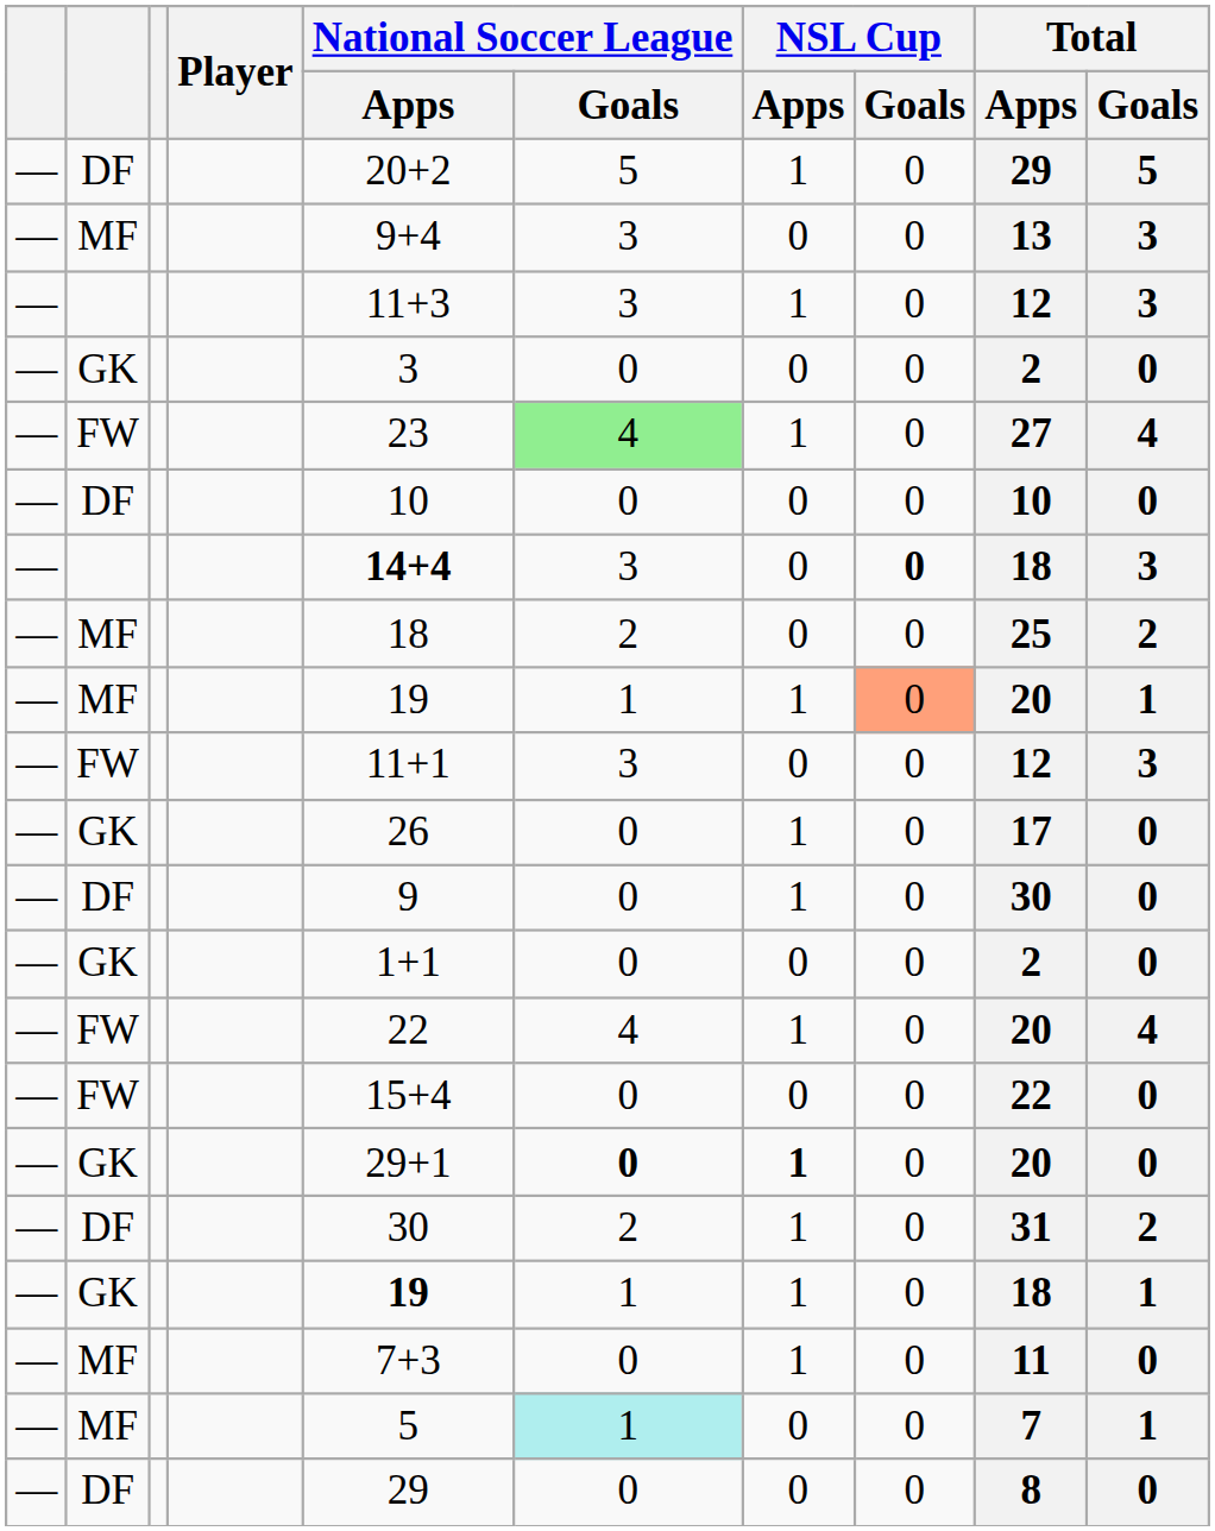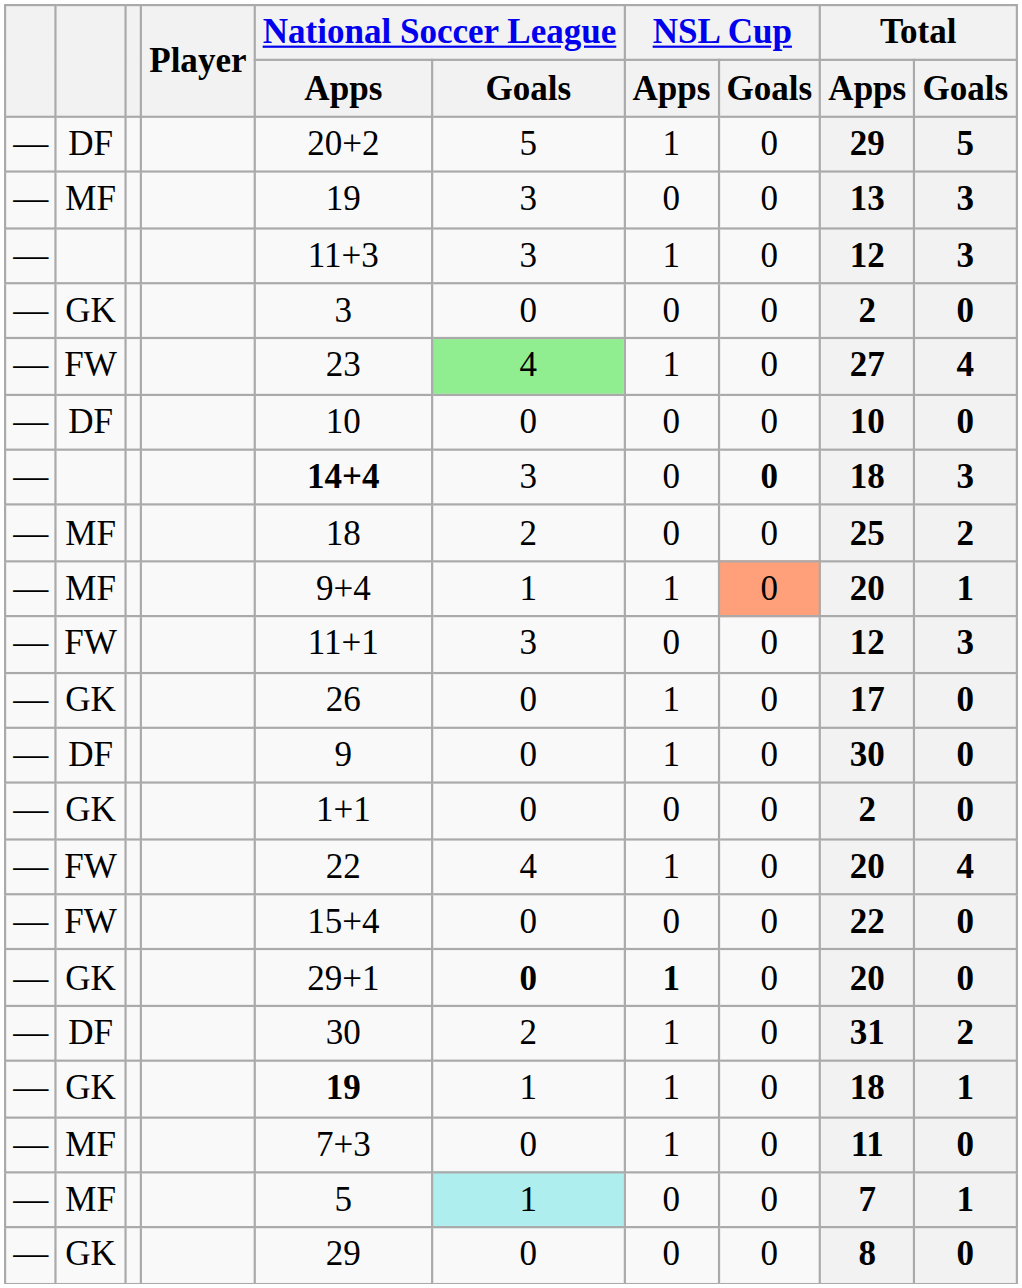 <table class="wikitable sortable" style="text-align:center">
 <tr>
 <th rowspan="2"></th>
 <th rowspan="2"></th>
 <th rowspan="2"></th>
 <th rowspan="2">Player</th>
 <th colspan="2"><a href='#'>National Soccer League</a></th>
 <th colspan="2"><a href='#'>NSL Cup</a></th>
 <th colspan="2">Total</th>
 </tr>
 <tr>
 <th>Apps</th>
 <th>Goals</th>
 <th>Apps</th>
 <th>Goals</th>
 <th>Apps</th>
 <th>Goals</th>
 </tr>
 <tr>
 <td>—</td>
 <td>DF</td>
 <td></td>
 <td align="left"><br></td>
 <td>20+2</td>
 <td>5<br></td>
 <td>1</td>
 <td>0<br></td>
 <th>29</th>
 <th>5</th>
 </tr>
 <tr>
 <td>—</td>
 <td>MF</td>
 <td></td>
 <td align="left"><br></td>
-<td>9+4</td>
+<td>19</td>
 <td>3<br></td>
 <td>0</td>
 <td>0<br></td>
 <th>13</th>
 <th>3</th>
 </tr>
 <tr>
 <td>—</td>
 <td></td>
 <td></td>
 <td align="left"><br></td>
 <td>11+3</td>
 <td>3<br></td>
 <td>1</td>
 <td>0<br></td>
 <th>12</th>
 <th>3</th>
 </tr>
 <tr>
 <td>—</td>
 <td>GK</td>
 <td></td>
 <td align="left"><br></td>
 <td>3</td>
 <td>0<br></td>
 <td>0</td>
 <td>0<br></td>
 <th>2</th>
 <th>0</th>
 </tr>
 <tr>
 <td>—</td>
 <td>FW</td>
 <td></td>
 <td align="left"><br></td>
 <td>23</td>
 <td style="background: lightgreen;">4<br></td>
 <td>1</td>
 <td>0<br></td>
 <th>27</th>
 <th>4</th>
 </tr>
 <tr>
 <td>—</td>
 <td>DF</td>
 <td></td>
 <td align="left"><br></td>
 <td>10</td>
 <td>0<br></td>
 <td>0</td>
 <td>0<br></td>
 <th>10</th>
 <th>0</th>
 </tr>
 <tr>
 <td>—</td>
 <td></td>
 <td></td>
 <td align="left"><br></td>
 <td><strong>14+4</strong></td>
 <td>3<br></td>
 <td>0</td>
 <td><strong>0<br></strong></td>
 <th>18</th>
 <th>3</th>
 </tr>
 <tr>
 <td>—</td>
 <td>MF</td>
 <td></td>
 <td align="left"><br></td>
 <td>18</td>
 <td>2<br></td>
 <td>0</td>
 <td>0<br></td>
 <th>25</th>
 <th>2</th>
 </tr>
 <tr>
 <td>—</td>
 <td>MF</td>
 <td></td>
 <td align="left"><br></td>
-<td>19</td>
+<td>9+4</td>
 <td>1<br></td>
 <td>1</td>
 <td style="background: lightsalmon;">0<br></td>
 <th>20</th>
 <th>1</th>
 </tr>
 <tr>
 <td>—</td>
 <td>FW</td>
 <td></td>
 <td align="left"><br></td>
 <td>11+1</td>
 <td>3<br></td>
 <td>0</td>
 <td>0<br></td>
 <th>12</th>
 <th>3</th>
 </tr>
 <tr>
 <td>—</td>
 <td>GK</td>
 <td></td>
 <td align="left"><br></td>
 <td>26</td>
 <td>0<br></td>
 <td>1</td>
 <td>0<br></td>
 <th>17</th>
 <th>0</th>
 </tr>
 <tr>
 <td>—</td>
 <td>DF</td>
 <td></td>
 <td align="left"><br></td>
 <td>9</td>
 <td>0<br></td>
 <td>1</td>
 <td>0<br></td>
 <th>30</th>
 <th>0</th>
 </tr>
 <tr>
 <td>—</td>
 <td>GK</td>
 <td></td>
 <td align="left"><br></td>
 <td>1+1</td>
 <td>0<br></td>
 <td>0</td>
 <td>0<br></td>
 <th>2</th>
 <th>0</th>
 </tr>
 <tr>
 <td>—</td>
 <td>FW</td>
 <td></td>
 <td align="left"><br></td>
 <td>22</td>
 <td>4<br></td>
 <td>1</td>
 <td>0<br></td>
 <th>20</th>
 <th>4</th>
 </tr>
 <tr>
 <td>—</td>
 <td>FW</td>
 <td></td>
 <td align="left"><br></td>
 <td>15+4</td>
 <td>0<br></td>
 <td>0</td>
 <td>0<br></td>
 <th>22</th>
 <th>0</th>
 </tr>
 <tr>
 <td>—</td>
 <td>GK</td>
 <td></td>
 <td align="left"><br></td>
 <td>29+1</td>
 <td><strong>0<br></strong></td>
 <td><strong>1</strong></td>
 <td>0<br></td>
 <th>20</th>
 <th>0</th>
 </tr>
 <tr>
 <td>—</td>
 <td>DF</td>
 <td></td>
 <td align="left"><br></td>
 <td>30</td>
 <td>2<br></td>
 <td>1</td>
 <td>0<br></td>
 <th>31</th>
 <th>2</th>
 </tr>
 <tr>
 <td>—</td>
 <td>GK</td>
 <td></td>
 <td align="left"><br></td>
 <td><strong>19</strong></td>
 <td>1<br></td>
 <td>1</td>
 <td>0<br></td>
 <th>18</th>
 <th>1</th>
 </tr>
 <tr>
 <td>—</td>
 <td>MF</td>
 <td></td>
 <td align="left"><br></td>
 <td>7+3</td>
 <td>0<br></td>
 <td>1</td>
 <td>0<br></td>
 <th>11</th>
 <th>0</th>
 </tr>
 <tr>
 <td>—</td>
 <td>MF</td>
 <td></td>
 <td align="left"><br></td>
 <td>5</td>
 <td style="background: paleturquoise;">1<br></td>
 <td>0</td>
 <td>0<br></td>
 <th>7</th>
 <th>1</th>
 </tr>
 <tr>
 <td>—</td>
-<td>DF</td>
+<td>GK</td>
 <td></td>
 <td align="left"><br></td>
 <td>29</td>
 <td>0<br></td>
 <td>0</td>
 <td>0<br></td>
 <th>8</th>
 <th>0</th>
 </tr>
 </table>
